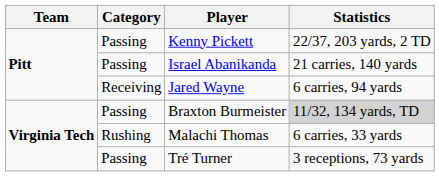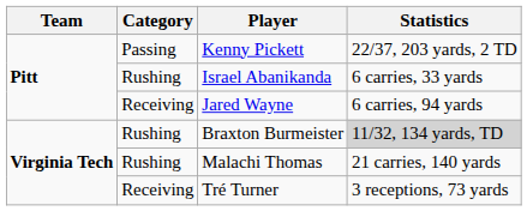 <table class="wikitable" style="float: right;">
 <tr>
 <th>Team</th>
 <th>Category</th>
 <th>Player</th>
 <th>Statistics</th>
 </tr>
 <tr>
 <td rowspan=3><strong>Pitt</strong></td>
 <td>Passing</td>
 <td><a href='#'>Kenny Pickett</a></td>
 <td>22/37, 203 yards, 2 TD</td>
 </tr>
 <tr>
-<td>Passing</td>
+<td>Rushing</td>
 <td><a href='#'>Israel Abanikanda</a></td>
-<td>21 carries, 140 yards</td>
+<td>6 carries, 33 yards</td>
 </tr>
 <tr>
 <td>Receiving</td>
 <td><a href='#'>Jared Wayne</a></td>
 <td>6 carries, 94 yards</td>
 </tr>
 <tr>
 <td rowspan=3><strong>Virginia Tech</strong></td>
-<td>Passing</td>
+<td>Rushing</td>
 <td>Braxton Burmeister</td>
 <td style="background: lightgrey;">11/32, 134 yards, TD</td>
 </tr>
 <tr>
 <td>Rushing</td>
 <td>Malachi Thomas</td>
-<td>6 carries, 33 yards</td>
+<td>21 carries, 140 yards</td>
 </tr>
 <tr>
-<td>Passing</td>
+<td>Receiving</td>
 <td>Tré Turner</td>
 <td>3 receptions, 73 yards</td>
 </tr>
 </table>
